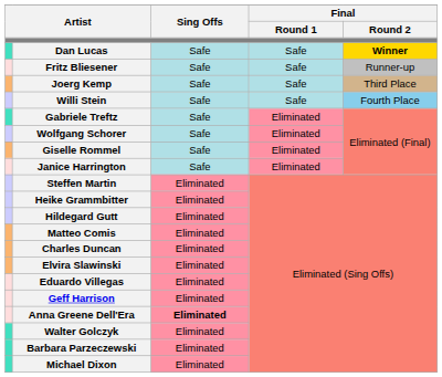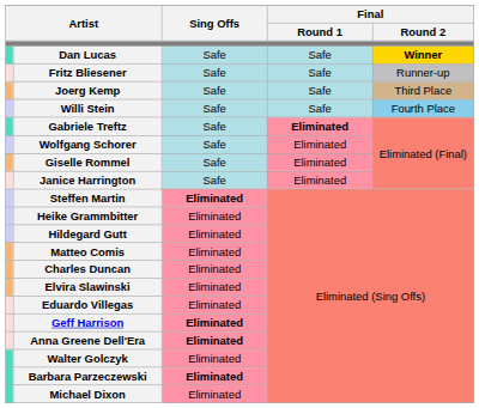 <table class="wikitable"  style="text-align:center; font-size:95%; width:50%;">
 <tr>
 </tr>
 <tr>
 <th style="width:18%" colspan="2" rowspan="2" scope="col">Artist</th>
 <th style="width:11%" colspan="1" rowspan="2" scope="col">Sing Offs</th>
 <th style="width:22%" colspan="2" scope="col">Final</th>
 </tr>
 <tr>
 <th style="width:11%">Round 1</th>
 <th style="width:11%">Round 2</th>
 </tr>
 <tr>
 <th colspan="10" style="background:grey;"></th>
 </tr>
 <tr>
 <th style="background:#40e0c0"></th>
 <th>Dan Lucas</th>
 <td style="background:#B0E0E6;">Safe</td>
 <td style="background:#B0E0E6;">Safe</td>
 <td style="background:gold;"><strong>Winner</strong></td>
 </tr>
 <tr>
 <th style="background:#ffdddd;"></th>
 <th>Fritz Bliesener</th>
 <td style="background:#B0E0E6;">Safe</td>
 <td style="background:#B0E0E6;">Safe</td>
 <td style="background:silver;">Runner-up</td>
 </tr>
 <tr>
 <th style="background:#fbb46e;"></th>
 <th>Joerg Kemp</th>
 <td style="background:#B0E0E6;">Safe</td>
 <td style="background:#B0E0E6;">Safe</td>
 <td style="background:tan;">Third Place</td>
 </tr>
 <tr>
 <th style="background:#ccf;"></th>
 <th>Willi Stein</th>
 <td style="background:#B0E0E6;">Safe</td>
 <td style="background:#B0E0E6;">Safe</td>
 <td style="background:skyblue;">Fourth Place</td>
 </tr>
 <tr>
 <th style="background:#40e0c0"></th>
 <th>Gabriele Treftz</th>
 <td style="background:#B0E0E6;">Safe</td>
-<td style="background:#FF91A4;">Eliminated</td>
+<td style="background:#FF91A4;"><strong>Eliminated</strong></td>
 <td rowspan=4 style="background:salmon;">Eliminated (Final)</td>
 </tr>
 <tr>
 <th style="background:#ccf;"></th>
 <th>Wolfgang Schorer</th>
 <td style="background:#B0E0E6;">Safe</td>
 <td style="background:#FF91A4;">Eliminated</td>
 </tr>
 <tr>
 <th style="background:#fbb46e;"></th>
 <th>Giselle Rommel</th>
 <td style="background:#B0E0E6;">Safe</td>
 <td style="background:#FF91A4;">Eliminated</td>
 </tr>
 <tr>
 <th style="background:#ffdddd;"></th>
 <th>Janice Harrington</th>
 <td style="background:#B0E0E6;">Safe</td>
 <td style="background:#FF91A4;">Eliminated</td>
 </tr>
 <tr>
 <th style="background:#ccf;"></th>
 <th>Steffen Martin</th>
-<td style="background:#FF91A4;">Eliminated</td>
+<td style="background:#FF91A4;"><strong>Eliminated</strong></td>
 <td rowspan=12 colspan=2 style="background:salmon;">Eliminated (Sing Offs)</td>
 </tr>
 <tr>
 <th style="background:#ccf;"></th>
 <th>Heike Grammbitter</th>
 <td style="background:#FF91A4;">Eliminated</td>
 </tr>
 <tr>
 <th style="background:#ccf;"></th>
 <th>Hildegard Gutt</th>
 <td style="background:#FF91A4;">Eliminated</td>
 </tr>
 <tr>
 <th style="background:#fbb46e;"></th>
 <th>Matteo Comis</th>
 <td style="background:#FF91A4;">Eliminated</td>
 </tr>
 <tr>
 <th style="background:#fbb46e;"></th>
 <th>Charles Duncan</th>
 <td style="background:#FF91A4;">Eliminated</td>
 </tr>
 <tr>
 <th style="background:#fbb46e;"></th>
 <th>Elvira Slawinski</th>
 <td style="background:#FF91A4;">Eliminated</td>
 </tr>
 <tr>
 <th style="background:#ffdddd;"></th>
 <th>Eduardo Villegas</th>
 <td style="background:#FF91A4;">Eliminated</td>
 </tr>
 <tr>
 <th style="background:#ffdddd;"></th>
 <th><a href='#'>Geff Harrison</a></th>
-<td style="background:#FF91A4;">Eliminated</td>
+<td style="background:#FF91A4;"><strong>Eliminated</strong></td>
 </tr>
 <tr>
 <th style="background:#ffdddd;"></th>
 <th>Anna Greene Dell'Era</th>
 <td style="background:#FF91A4;"><strong>Eliminated</strong></td>
 </tr>
 <tr>
 <th style="background:#40e0c0"></th>
 <th>Walter Golczyk</th>
 <td style="background:#FF91A4;">Eliminated</td>
 </tr>
 <tr>
 <th style="background:#40e0c0"></th>
 <th>Barbara Parzeczewski</th>
-<td style="background:#FF91A4;">Eliminated</td>
+<td style="background:#FF91A4;"><strong>Eliminated</strong></td>
 </tr>
 <tr>
 <th style="background:#40e0c0"></th>
 <th>Michael Dixon</th>
 <td style="background:#FF91A4;">Eliminated</td>
 </tr>
 </table>
